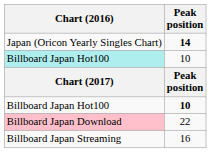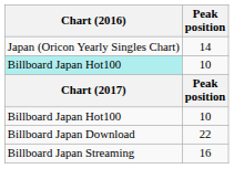 <table class="wikitable">
 <tr>
 <th>Chart (2016)</th>
 <th>Peak<br>position</th>
 </tr>
 <tr>
 <td>Japan (Oricon Yearly Singles Chart)</td>
-<td align="center"><strong>14</strong></td>
+<td align="center">14</td>
 </tr>
 <tr>
 <td style="background: paleturquoise;">Billboard Japan Hot100</td>
 <td align="center">10</td>
 </tr>
 <tr>
 <th>Chart (2017)</th>
 <th>Peak<br>position</th>
 </tr>
 <tr>
 <td>Billboard Japan Hot100</td>
-<td align="center"><strong>10</strong></td>
+<td align="center">10</td>
 </tr>
 <tr>
-<td style="background: pink;">Billboard Japan Download</td>
+<td>Billboard Japan Download</td>
 <td align="center">22</td>
 </tr>
 <tr>
 <td>Billboard Japan Streaming</td>
 <td align="center">16</td>
 </tr>
 </table>
